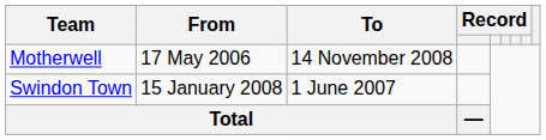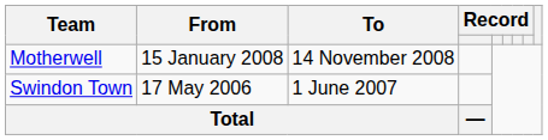 <table class=wikitable style="text-align: center">
 <tr>
 <th rowspan=2>Team</th>
 <th rowspan=2>From</th>
 <th rowspan=2>To</th>
 <th colspan=5>Record</th>
 <th rowspan=2></th>
 </tr>
 <tr>
 <th></th>
 <th></th>
 <th></th>
 <th></th>
 <th></th>
 </tr>
 <tr>
 <td align=left><a href='#'>Motherwell</a></td>
-<td align=left>17 May 2006</td>
+<td align=left>15 January 2008</td>
 <td align=left>14 November 2008<br></td>
 <td></td>
 </tr>
 <tr>
 <td align=left><a href='#'>Swindon Town</a></td>
-<td align=left>15 January 2008</td>
+<td align=left>17 May 2006</td>
 <td align=left>1 June 2007<br></td>
 <td></td>
 </tr>
 <tr>
 <th colspan=3>Total<br></th>
 <th>—</th>
 </tr>
 </table>
